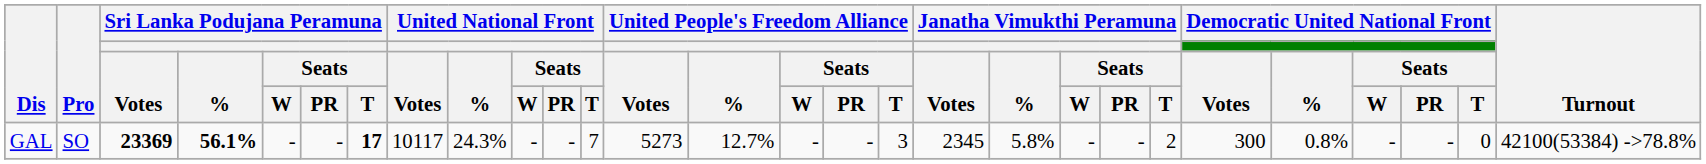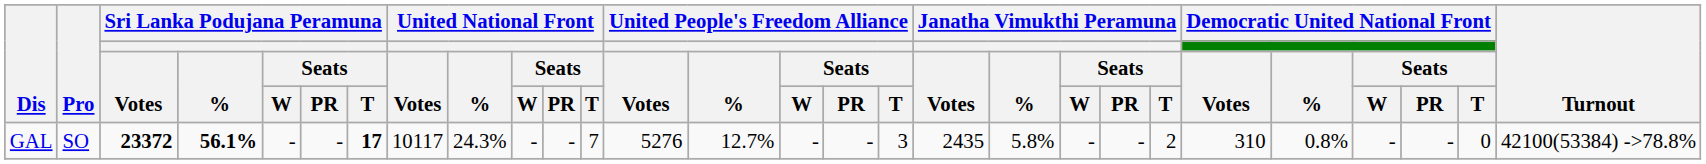 <table class="wikitable" border="1" style="font-size:75%; text-align:right;">
 <tr>
 <th style="vertical-align:bottom;" rowspan=4><a href='#'>Dis</a></th>
 <th style="vertical-align:bottom;" rowspan=4><a href='#'>Pro</a></th>
 <th colspan=5><a href='#'>Sri Lanka Podujana Peramuna</a></th>
 <th colspan=5><a href='#'>United National Front</a></th>
 <th colspan=5><a href='#'>United People's Freedom Alliance</a></th>
 <th colspan=5><a href='#'>Janatha Vimukthi Peramuna</a></th>
 <th colspan=5><a href='#'>Democratic United National Front</a></th>
 <th style="vertical-align:bottom;" rowspan=4>Turnout</th>
 </tr>
 <tr>
 <th colspan=5 style="background:"></th>
 <th colspan=5 style="background:"></th>
 <th colspan=5 style="background:"></th>
 <th colspan=5 style="background:"></th>
 <th colspan=5 style="background:green"></th>
 </tr>
 <tr>
 <th style="vertical-align:bottom;" rowspan=2>Votes</th>
 <th style="vertical-align:bottom;" rowspan=2>%</th>
 <th colspan=3>Seats</th>
 <th style="vertical-align:bottom;" rowspan=2>Votes</th>
 <th style="vertical-align:bottom;" rowspan=2>%</th>
 <th colspan=3>Seats</th>
 <th style="vertical-align:bottom;" rowspan=2>Votes</th>
 <th style="vertical-align:bottom;" rowspan=2>%</th>
 <th colspan=3>Seats</th>
 <th style="vertical-align:bottom;" rowspan=2>Votes</th>
 <th style="vertical-align:bottom;" rowspan=2>%</th>
 <th colspan=3>Seats</th>
 <th style="vertical-align:bottom;" rowspan=2>Votes</th>
 <th style="vertical-align:bottom;" rowspan=2>%</th>
 <th colspan=3>Seats</th>
 </tr>
 <tr>
 <th>W</th>
 <th>PR</th>
 <th>T</th>
 <th>W</th>
 <th>PR</th>
 <th>T</th>
 <th>W</th>
 <th>PR</th>
 <th>T</th>
 <th>W</th>
 <th>PR</th>
 <th>T</th>
 <th>W</th>
 <th>PR</th>
 <th>T</th>
 </tr>
 <tr>
 <td style="text-align:left;"><a href='#'>GAL</a></td>
 <td style="text-align:left;"><a href='#'>SO</a></td>
-<td><strong>23369</strong></td>
+<td><strong>23372</strong></td>
 <td><strong>56.1%</strong></td>
 <td>-</td>
 <td>-</td>
 <td><strong>17</strong></td>
 <td>10117</td>
 <td>24.3%</td>
 <td>-</td>
 <td>-</td>
 <td>7</td>
-<td>5273</td>
+<td>5276</td>
 <td>12.7%</td>
 <td>-</td>
 <td>-</td>
 <td>3</td>
-<td>2345</td>
+<td>2435</td>
 <td>5.8%</td>
 <td>-</td>
 <td>-</td>
 <td>2</td>
-<td>300</td>
+<td>310</td>
 <td>0.8%</td>
 <td>-</td>
 <td>-</td>
 <td>0</td>
 <td>42100(53384) ->78.8%</td>
 </tr>
 </table>
